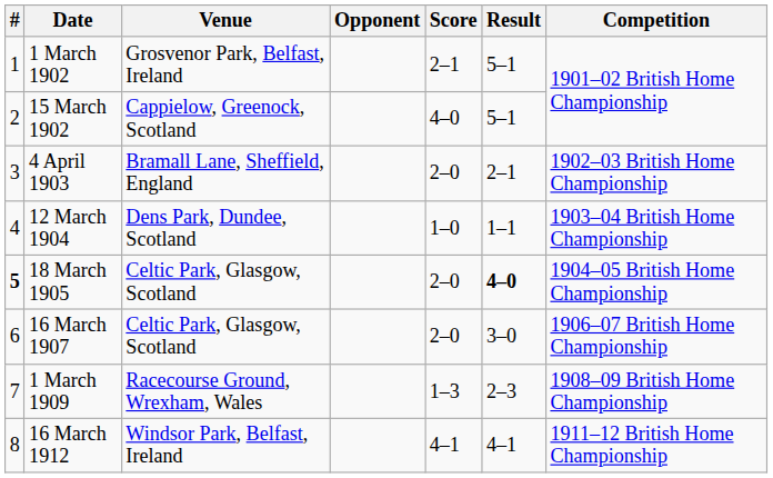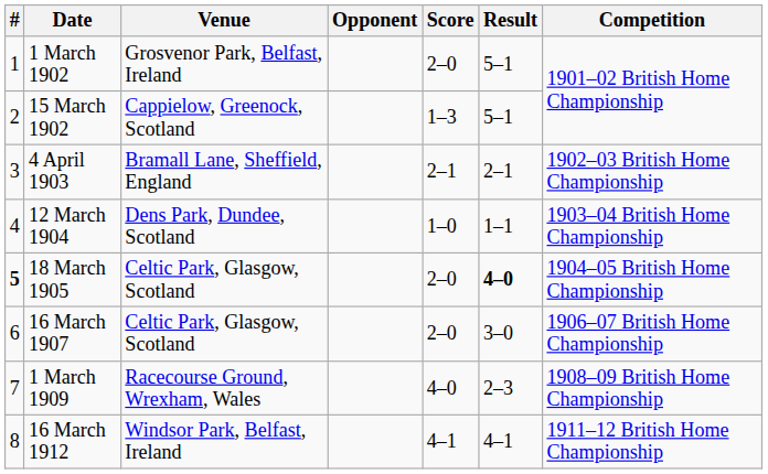 <table class="wikitable">
 <tr>
 <th>#</th>
 <th>Date</th>
 <th>Venue</th>
 <th>Opponent</th>
 <th>Score</th>
 <th>Result</th>
 <th>Competition</th>
 </tr>
 <tr>
 <td>1</td>
 <td>1 March 1902</td>
 <td>Grosvenor Park, <a href='#'>Belfast</a>, Ireland</td>
 <td></td>
-<td>2–1</td>
+<td>2–0</td>
 <td>5–1</td>
 <td rowspan=2><a href='#'>1901–02 British Home Championship</a></td>
 </tr>
 <tr>
 <td>2</td>
 <td>15 March 1902</td>
 <td><a href='#'>Cappielow</a>, <a href='#'>Greenock</a>, Scotland</td>
 <td></td>
-<td>4–0</td>
+<td>1–3</td>
 <td>5–1</td>
 </tr>
 <tr>
 <td>3</td>
 <td>4 April 1903</td>
 <td><a href='#'>Bramall Lane</a>, <a href='#'>Sheffield</a>, England</td>
 <td></td>
-<td>2–0</td>
+<td>2–1</td>
 <td>2–1</td>
 <td><a href='#'>1902–03 British Home Championship</a></td>
 </tr>
 <tr>
 <td>4</td>
 <td>12 March 1904</td>
 <td><a href='#'>Dens Park</a>, <a href='#'>Dundee</a>, Scotland</td>
 <td></td>
 <td>1–0</td>
 <td>1–1</td>
 <td><a href='#'>1903–04 British Home Championship</a></td>
 </tr>
 <tr>
 <td><strong>5</strong></td>
 <td>18 March 1905</td>
 <td><a href='#'>Celtic Park</a>, Glasgow, Scotland</td>
 <td></td>
 <td>2–0</td>
 <td><strong>4–0</strong></td>
 <td><a href='#'>1904–05 British Home Championship</a></td>
 </tr>
 <tr>
 <td>6</td>
 <td>16 March 1907</td>
 <td><a href='#'>Celtic Park</a>, Glasgow, Scotland</td>
 <td></td>
 <td>2–0</td>
 <td>3–0</td>
 <td><a href='#'>1906–07 British Home Championship</a></td>
 </tr>
 <tr>
 <td>7</td>
 <td>1 March 1909</td>
 <td><a href='#'>Racecourse Ground</a>, <a href='#'>Wrexham</a>, Wales</td>
 <td></td>
-<td>1–3</td>
+<td>4–0</td>
 <td>2–3</td>
 <td><a href='#'>1908–09 British Home Championship</a></td>
 </tr>
 <tr>
 <td>8</td>
 <td>16 March 1912</td>
 <td><a href='#'>Windsor Park</a>, <a href='#'>Belfast</a>, Ireland</td>
 <td></td>
 <td>4–1</td>
 <td>4–1</td>
 <td><a href='#'>1911–12 British Home Championship</a></td>
 </tr>
 </table>
